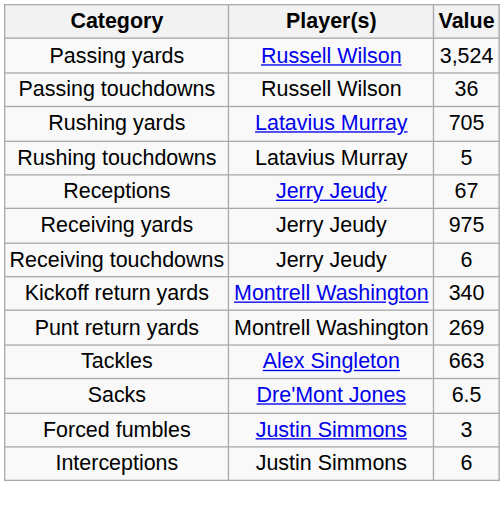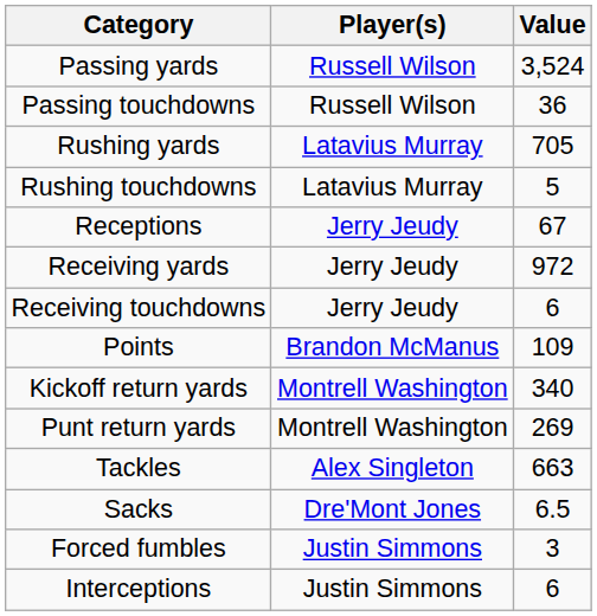 <table class="wikitable" style="text-align:center">
 <tr>
 <th>Category</th>
 <th>Player(s)</th>
 <th>Value</th>
 </tr>
 <tr>
 <td>Passing yards</td>
 <td><a href='#'>Russell Wilson</a></td>
 <td>3,524</td>
 </tr>
 <tr>
 <td>Passing touchdowns</td>
 <td>Russell Wilson</td>
 <td>36</td>
 </tr>
 <tr>
 <td>Rushing yards</td>
 <td><a href='#'>Latavius Murray</a></td>
 <td>705</td>
 </tr>
 <tr>
 <td>Rushing touchdowns</td>
 <td>Latavius Murray</td>
 <td>5</td>
 </tr>
 <tr>
 <td>Receptions</td>
 <td><a href='#'>Jerry Jeudy</a></td>
 <td>67</td>
 </tr>
 <tr>
 <td>Receiving yards</td>
 <td>Jerry Jeudy</td>
-<td>975</td>
+<td>972</td>
 </tr>
 <tr>
 <td>Receiving touchdowns</td>
 <td>Jerry Jeudy</td>
 <td>6</td>
+</tr>
+<tr>
+<td>Points</td>
+<td><a href='#'>Brandon McManus</a></td>
+<td>109</td>
 </tr>
 <tr>
 <td>Kickoff return yards</td>
 <td><a href='#'>Montrell Washington</a></td>
 <td>340</td>
 </tr>
 <tr>
 <td>Punt return yards</td>
 <td>Montrell Washington</td>
 <td>269</td>
 </tr>
 <tr>
 <td>Tackles</td>
 <td><a href='#'>Alex Singleton</a></td>
 <td>663</td>
 </tr>
 <tr>
 <td>Sacks</td>
 <td><a href='#'>Dre'Mont Jones</a></td>
 <td>6.5</td>
 </tr>
 <tr>
 <td>Forced fumbles</td>
 <td><a href='#'>Justin Simmons</a></td>
 <td>3</td>
 </tr>
 <tr>
 <td>Interceptions</td>
 <td>Justin Simmons</td>
 <td>6</td>
 </tr>
 </table>
